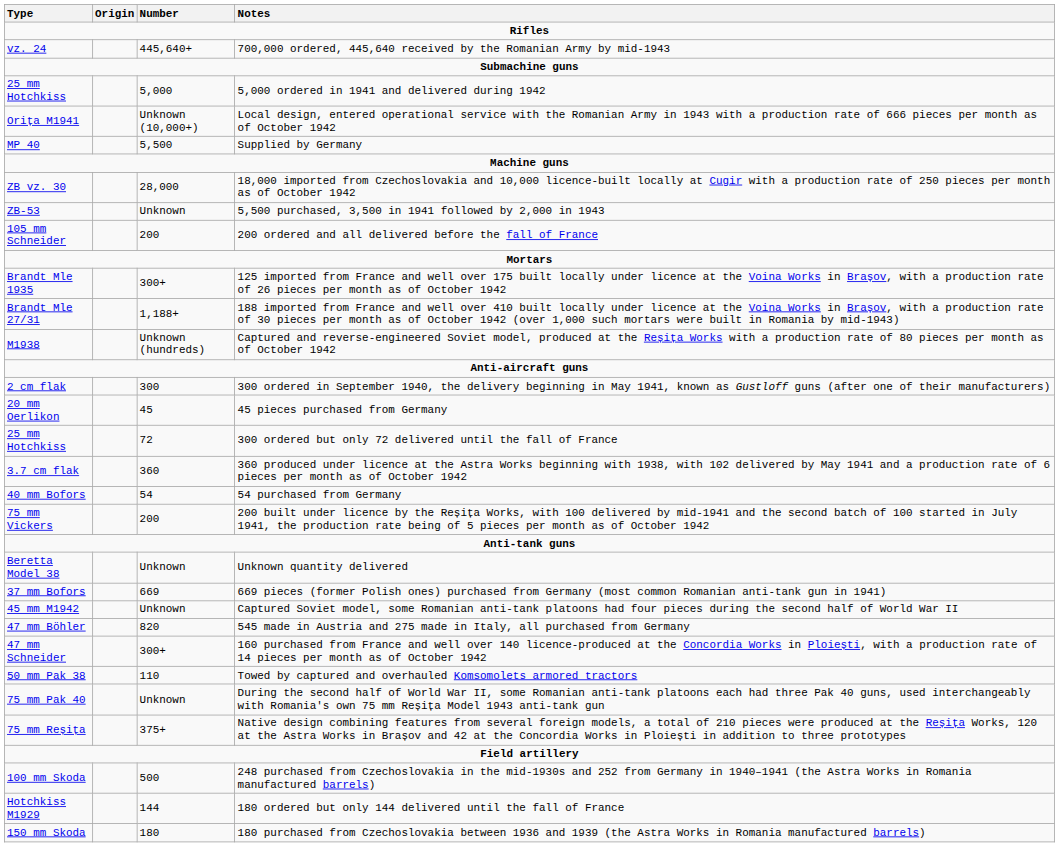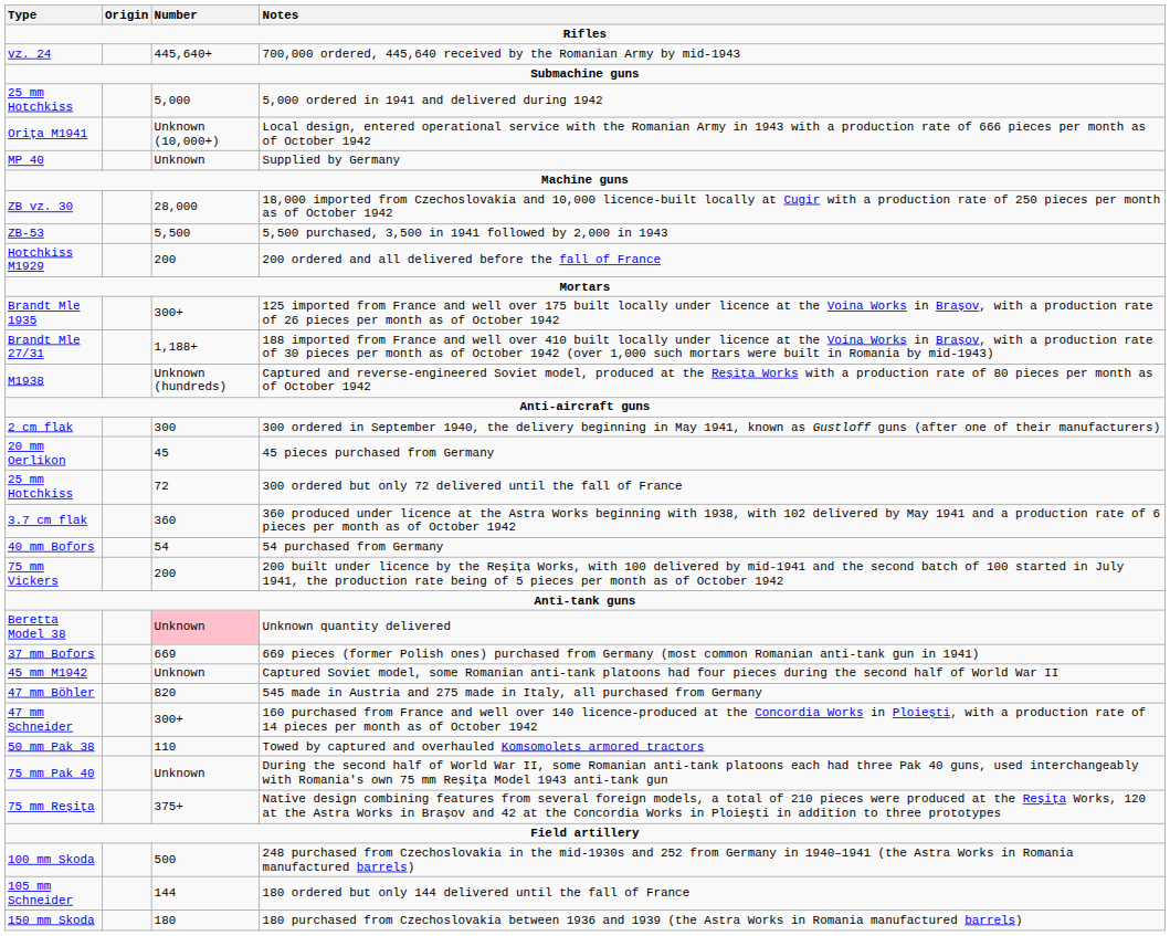 <table role="presentation" class="wikitable">
 <tr>
 <th style="text-align: left;">Type</th>
 <th style="text-align: left;">Origin</th>
 <th style="text-align: left;">Number</th>
 <th style="text-align: left;">Notes</th>
 </tr>
 <tr>
 <th colspan="6" style="background:#f9f9f9;">Rifles</th>
 </tr>
 <tr>
 <td><a href='#'>vz. 24</a></td>
 <td></td>
 <td>445,640+</td>
 <td>700,000 ordered, 445,640 received by the Romanian Army by mid-1943</td>
 </tr>
 <tr>
 <th colspan="6" style="background:#f9f9f9;">Submachine guns</th>
 </tr>
 <tr>
 <td><a href='#'>25 mm Hotchkiss</a></td>
 <td></td>
 <td>5,000</td>
 <td>5,000 ordered in 1941 and delivered during 1942</td>
 </tr>
 <tr>
 <td><a href='#'>Orița M1941</a></td>
 <td></td>
 <td>Unknown (10,000+)</td>
 <td>Local design, entered operational service with the Romanian Army in 1943 with a production rate of 666 pieces per month as of October 1942</td>
 </tr>
 <tr>
 <td><a href='#'>MP 40</a></td>
 <td></td>
-<td>5,500</td>
+<td>Unknown</td>
 <td>Supplied by Germany</td>
 </tr>
 <tr>
 <th colspan="6" style="background:#f9f9f9;">Machine guns</th>
 </tr>
 <tr>
 <td><a href='#'>ZB vz. 30</a></td>
 <td><br></td>
 <td>28,000</td>
 <td>18,000 imported from Czechoslovakia and 10,000 licence-built locally at <a href='#'>Cugir</a> with a production rate of 250 pieces per month as of October 1942</td>
 </tr>
 <tr>
 <td><a href='#'>ZB-53</a></td>
 <td></td>
-<td>Unknown</td>
+<td>5,500</td>
 <td>5,500 purchased, 3,500 in 1941 followed by 2,000 in 1943</td>
 </tr>
 <tr>
-<td><a href='#'>105 mm Schneider</a></td>
+<td><a href='#'>Hotchkiss M1929</a></td>
 <td></td>
 <td>200</td>
 <td>200 ordered and all delivered before the <a href='#'>fall of France</a></td>
 </tr>
 <tr>
 <th colspan="6" style="background:#f9f9f9;">Mortars</th>
 </tr>
 <tr>
 <td><a href='#'>Brandt Mle 1935</a></td>
 <td><br></td>
 <td>300+</td>
 <td>125 imported from France and well over 175 built locally under licence at the <a href='#'>Voina Works</a> in <a href='#'>Brașov</a>, with a production rate of 26 pieces per month as of October 1942</td>
 </tr>
 <tr>
 <td><a href='#'>Brandt Mle 27/31</a></td>
 <td><br></td>
 <td>1,188+</td>
 <td>188 imported from France and well over 410 built locally under licence at the <a href='#'>Voina Works</a> in <a href='#'>Brașov</a>, with a production rate of 30 pieces per month as of October 1942 (over 1,000 such mortars were built in Romania by mid-1943)</td>
 </tr>
 <tr>
 <td><a href='#'>M1938</a></td>
 <td><br></td>
 <td>Unknown (hundreds)</td>
 <td>Captured and reverse-engineered Soviet model, produced at the <a href='#'>Reșița Works</a> with a production rate of 80 pieces per month as of October 1942</td>
 </tr>
 <tr>
 <th colspan="6" style="background:#f9f9f9;">Anti-aircraft guns</th>
 </tr>
 <tr>
 <td><a href='#'>2 cm flak</a></td>
 <td></td>
 <td>300</td>
 <td>300 ordered in September 1940, the delivery beginning in May 1941, known as <em>Gustloff</em> guns (after one of their manufacturers)</td>
 </tr>
 <tr>
 <td><a href='#'>20 mm Oerlikon</a></td>
 <td></td>
 <td>45</td>
 <td>45 pieces purchased from Germany</td>
 </tr>
 <tr>
 <td><a href='#'>25 mm Hotchkiss</a></td>
 <td></td>
 <td>72</td>
 <td>300 ordered but only 72 delivered until the fall of France</td>
 </tr>
 <tr>
 <td><a href='#'>3.7 cm flak</a></td>
 <td><br></td>
 <td>360</td>
 <td>360 produced under licence at the Astra Works beginning with 1938, with 102 delivered by May 1941 and a production rate of 6 pieces per month as of October 1942</td>
 </tr>
 <tr>
 <td><a href='#'>40 mm Bofors</a></td>
 <td></td>
 <td>54</td>
 <td>54 purchased from Germany</td>
 </tr>
 <tr>
 <td><a href='#'>75 mm Vickers</a></td>
 <td><br></td>
 <td>200</td>
 <td>200 built under licence by the Reșița Works, with 100 delivered by mid-1941 and the second batch of 100 started in July 1941, the production rate being of 5 pieces per month as of October 1942</td>
 </tr>
 <tr>
 <th colspan="6" style="background:#f9f9f9;">Anti-tank guns</th>
 </tr>
 <tr>
 <td><a href='#'>Beretta Model 38</a></td>
 <td></td>
-<td>Unknown</td>
+<td style="background: pink;">Unknown</td>
 <td>Unknown quantity delivered</td>
 </tr>
 <tr>
 <td><a href='#'>37 mm Bofors</a></td>
 <td><br></td>
 <td>669</td>
 <td>669 pieces (former Polish ones) purchased from Germany (most common Romanian anti-tank gun in 1941)</td>
 </tr>
 <tr>
 <td><a href='#'>45 mm M1942</a></td>
 <td></td>
 <td>Unknown</td>
 <td>Captured Soviet model, some Romanian anti-tank platoons had four pieces during the second half of World War II</td>
 </tr>
 <tr>
 <td><a href='#'>47 mm Böhler</a></td>
 <td><br></td>
 <td>820</td>
 <td>545 made in Austria and 275 made in Italy, all purchased from Germany</td>
 </tr>
 <tr>
 <td><a href='#'>47 mm Schneider</a></td>
 <td><br></td>
 <td>300+</td>
 <td>160 purchased from France and well over 140 licence-produced at the <a href='#'>Concordia Works</a> in <a href='#'>Ploiești</a>, with a production rate of 14 pieces per month as of October 1942</td>
 </tr>
 <tr>
 <td><a href='#'>50 mm Pak 38</a></td>
 <td></td>
 <td>110</td>
 <td>Towed by captured and overhauled <a href='#'>Komsomolets armored tractors</a></td>
 </tr>
 <tr>
 <td><a href='#'>75 mm Pak 40</a></td>
 <td></td>
 <td>Unknown</td>
 <td>During the second half of World War II, some Romanian anti-tank platoons each had three Pak 40 guns, used interchangeably with Romania's own 75 mm Reșița Model 1943 anti-tank gun</td>
 </tr>
 <tr>
 <td><a href='#'>75 mm Reșița</a></td>
 <td></td>
 <td>375+</td>
 <td>Native design combining features from several foreign models, a total of 210 pieces were produced at the <a href='#'>Reșița</a> Works, 120 at the Astra Works in Brașov and 42 at the Concordia Works in Ploiești in addition to three prototypes</td>
 </tr>
 <tr>
 <th colspan="6" style="background:#f9f9f9;">Field artillery</th>
 </tr>
 <tr>
 <td><a href='#'>100 mm Skoda</a></td>
 <td><br></td>
 <td>500</td>
 <td>248 purchased from Czechoslovakia in the mid-1930s and 252 from Germany in 1940–1941 (the Astra Works in Romania manufactured <a href='#'>barrels</a>)</td>
 </tr>
 <tr>
-<td><a href='#'>Hotchkiss M1929</a></td>
+<td><a href='#'>105 mm Schneider</a></td>
 <td></td>
 <td>144</td>
 <td>180 ordered but only 144 delivered until the fall of France</td>
 </tr>
 <tr>
 <td><a href='#'>150 mm Skoda</a></td>
 <td><br></td>
 <td>180</td>
 <td>180 purchased from Czechoslovakia between 1936 and 1939 (the Astra Works in Romania manufactured <a href='#'>barrels</a>)</td>
 </tr>
 </table>
